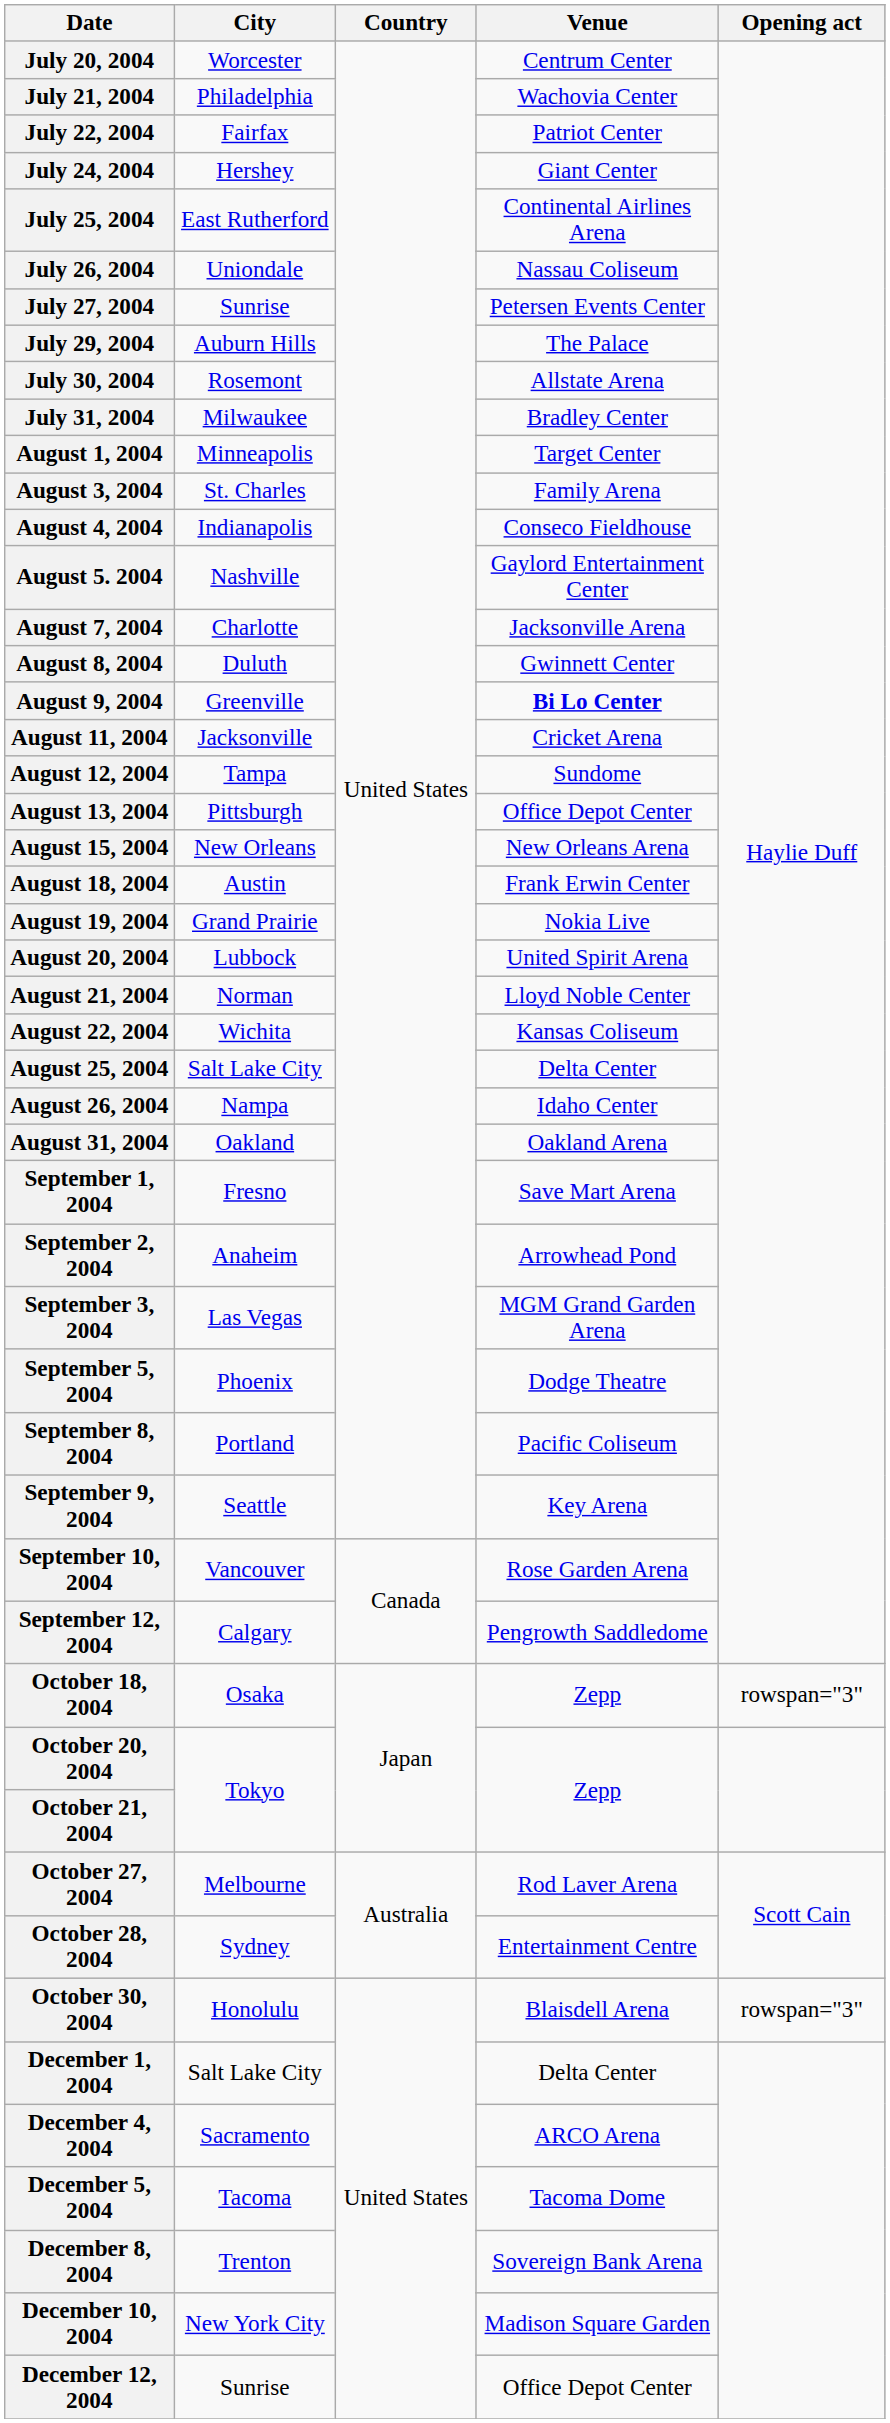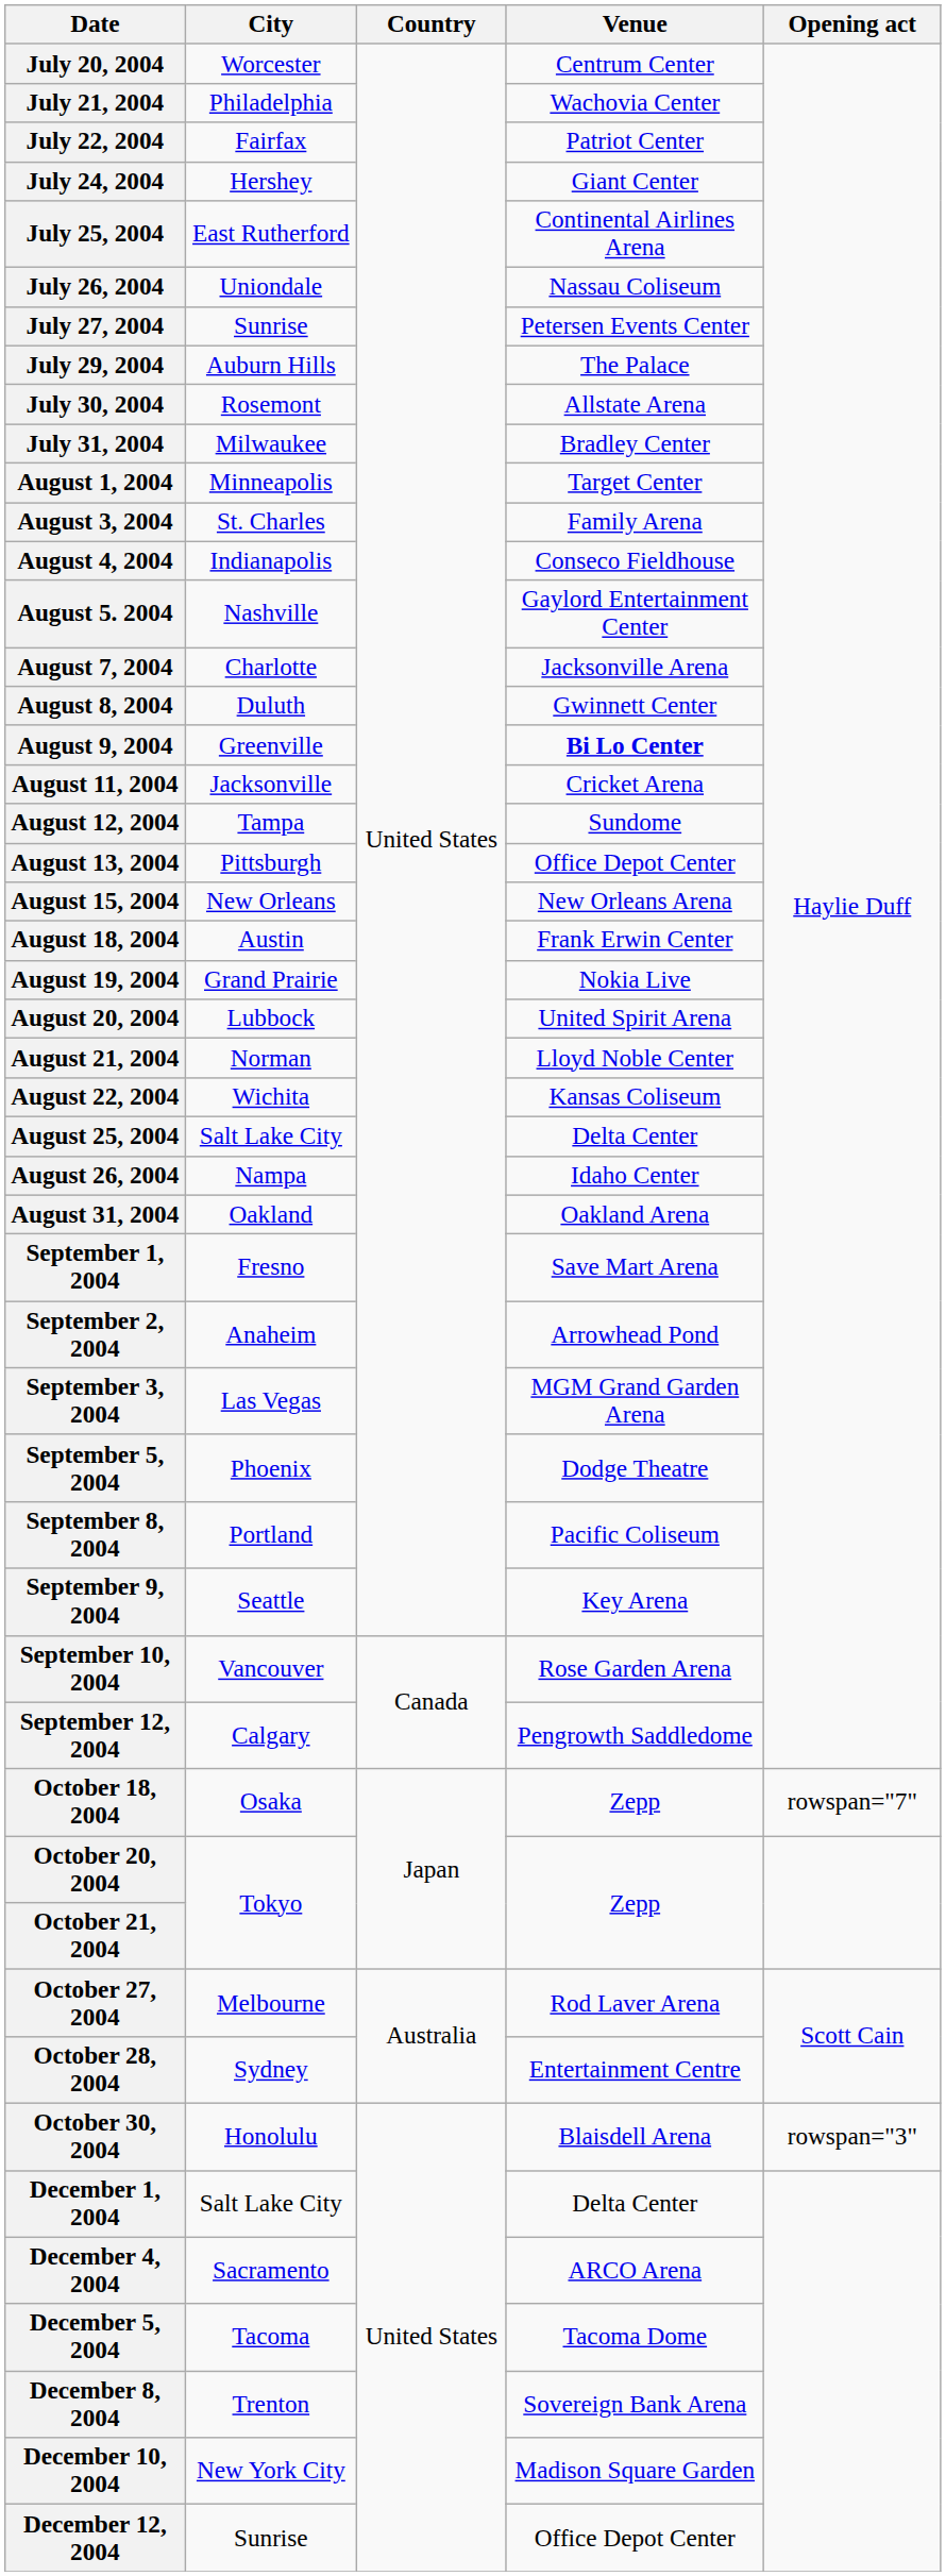 <table class="wikitable plainrowheaders" style="text-align:center;">
 <tr>
 <th scope="col" style="width:12em;">Date</th>
 <th scope="col" style="width:10em;">City</th>
 <th scope="col" style="width:10em;">Country</th>
 <th scope="col" style="width:20em;">Venue</th>
 <th scope="col" style="width:10em;">Opening act</th>
 </tr>
 <tr>
 <th scope="row">July 20, 2004</th>
 <td><a href='#'>Worcester</a></td>
 <td rowspan="35">United States</td>
 <td><a href='#'>Centrum Center</a></td>
 <td rowspan="37"><a href='#'>Haylie Duff</a></td>
 </tr>
 <tr>
 <th scope="row">July 21, 2004</th>
 <td><a href='#'>Philadelphia</a></td>
 <td><a href='#'>Wachovia Center</a></td>
 </tr>
 <tr>
 <th scope="row">July 22, 2004</th>
 <td><a href='#'>Fairfax</a></td>
 <td><a href='#'>Patriot Center</a></td>
 </tr>
 <tr>
 <th scope="row">July 24, 2004</th>
 <td><a href='#'>Hershey</a></td>
 <td><a href='#'>Giant Center</a></td>
 </tr>
 <tr>
 <th scope="row">July 25, 2004</th>
 <td><a href='#'>East Rutherford</a></td>
 <td><a href='#'>Continental Airlines Arena</a></td>
 </tr>
 <tr>
 <th scope="row">July 26, 2004</th>
 <td><a href='#'>Uniondale</a></td>
 <td><a href='#'>Nassau Coliseum</a></td>
 </tr>
 <tr>
 <th scope="row">July 27, 2004</th>
 <td><a href='#'>Sunrise</a></td>
 <td><a href='#'>Petersen Events Center</a></td>
 </tr>
 <tr>
 <th scope="row">July 29, 2004</th>
 <td><a href='#'>Auburn Hills</a></td>
 <td><a href='#'>The Palace</a></td>
 </tr>
 <tr>
 <th scope="row">July 30, 2004</th>
 <td><a href='#'>Rosemont</a></td>
 <td><a href='#'>Allstate Arena</a></td>
 </tr>
 <tr>
 <th scope="row">July 31, 2004</th>
 <td><a href='#'>Milwaukee</a></td>
 <td><a href='#'>Bradley Center</a></td>
 </tr>
 <tr>
 <th scope="row">August 1, 2004</th>
 <td><a href='#'>Minneapolis</a></td>
 <td><a href='#'>Target Center</a></td>
 </tr>
 <tr>
 <th scope="row">August 3, 2004</th>
 <td><a href='#'>St. Charles</a></td>
 <td><a href='#'>Family Arena</a></td>
 </tr>
 <tr>
 <th scope="row">August 4, 2004</th>
 <td><a href='#'>Indianapolis</a></td>
 <td><a href='#'>Conseco Fieldhouse</a></td>
 </tr>
 <tr>
 <th scope="row">August 5. 2004</th>
 <td><a href='#'>Nashville</a></td>
 <td><a href='#'>Gaylord Entertainment Center</a></td>
 </tr>
 <tr>
 <th scope="row">August 7, 2004</th>
 <td><a href='#'>Charlotte</a></td>
 <td><a href='#'>Jacksonville Arena</a></td>
 </tr>
 <tr>
 <th scope="row">August 8, 2004</th>
 <td><a href='#'>Duluth</a></td>
 <td><a href='#'>Gwinnett Center</a></td>
 </tr>
 <tr>
 <th scope="row">August 9, 2004</th>
 <td><a href='#'>Greenville</a></td>
 <td><strong><a href='#'>Bi Lo Center</a></strong></td>
 </tr>
 <tr>
 <th scope="row">August 11, 2004</th>
 <td><a href='#'>Jacksonville</a></td>
 <td><a href='#'>Cricket Arena</a></td>
 </tr>
 <tr>
 <th scope="row">August 12, 2004</th>
 <td><a href='#'>Tampa</a></td>
 <td><a href='#'>Sundome</a></td>
 </tr>
 <tr>
 <th scope="row">August 13, 2004</th>
 <td><a href='#'>Pittsburgh</a></td>
 <td><a href='#'>Office Depot Center</a></td>
 </tr>
 <tr>
 <th scope="row">August 15, 2004</th>
 <td><a href='#'>New Orleans</a></td>
 <td><a href='#'>New Orleans Arena</a></td>
 </tr>
 <tr>
 <th scope="row">August 18, 2004</th>
 <td><a href='#'>Austin</a></td>
 <td><a href='#'>Frank Erwin Center</a></td>
 </tr>
 <tr>
 <th scope="row">August 19, 2004</th>
 <td><a href='#'>Grand Prairie</a></td>
 <td><a href='#'>Nokia Live</a></td>
 </tr>
 <tr>
 <th scope="row">August 20, 2004</th>
 <td><a href='#'>Lubbock</a></td>
 <td><a href='#'>United Spirit Arena</a></td>
 </tr>
 <tr>
 <th scope="row">August 21, 2004</th>
 <td><a href='#'>Norman</a></td>
 <td><a href='#'>Lloyd Noble Center</a></td>
 </tr>
 <tr>
 <th scope="row">August 22, 2004</th>
 <td><a href='#'>Wichita</a></td>
 <td><a href='#'>Kansas Coliseum</a></td>
 </tr>
 <tr>
 <th scope="row">August 25, 2004</th>
 <td><a href='#'>Salt Lake City</a></td>
 <td><a href='#'>Delta Center</a></td>
 </tr>
 <tr>
 <th scope="row">August 26, 2004</th>
 <td><a href='#'>Nampa</a></td>
 <td><a href='#'>Idaho Center</a></td>
 </tr>
 <tr>
 <th scope="row">August 31, 2004</th>
 <td><a href='#'>Oakland</a></td>
 <td><a href='#'>Oakland Arena</a></td>
 </tr>
 <tr>
 <th scope="row">September 1, 2004</th>
 <td><a href='#'>Fresno</a></td>
 <td><a href='#'>Save Mart Arena</a></td>
 </tr>
 <tr>
 <th scope="row">September 2, 2004</th>
 <td><a href='#'>Anaheim</a></td>
 <td><a href='#'>Arrowhead Pond</a></td>
 </tr>
 <tr>
 <th scope="row">September 3, 2004</th>
 <td><a href='#'>Las Vegas</a></td>
 <td><a href='#'>MGM Grand Garden Arena</a></td>
 </tr>
 <tr>
 <th scope="row">September 5, 2004</th>
 <td><a href='#'>Phoenix</a></td>
 <td><a href='#'>Dodge Theatre</a></td>
 </tr>
 <tr>
 <th scope="row">September 8, 2004</th>
 <td><a href='#'>Portland</a></td>
 <td><a href='#'>Pacific Coliseum</a></td>
 </tr>
 <tr>
 <th scope="row">September 9, 2004</th>
 <td><a href='#'>Seattle</a></td>
 <td><a href='#'>Key Arena</a></td>
 </tr>
 <tr>
 <th scope="row">September 10, 2004</th>
 <td><a href='#'>Vancouver</a></td>
 <td rowspan="2">Canada</td>
 <td><a href='#'>Rose Garden Arena</a></td>
 </tr>
 <tr>
 <th scope="row">September 12, 2004</th>
 <td><a href='#'>Calgary</a></td>
 <td><a href='#'>Pengrowth Saddledome</a></td>
 </tr>
 <tr>
 <th scope="row">October 18, 2004</th>
 <td><a href='#'>Osaka</a></td>
 <td rowspan="3">Japan</td>
 <td><a href='#'>Zepp</a></td>
-<td>rowspan="3" </td>
+<td>rowspan="7" </td>
 </tr>
 <tr>
 <th scope="row">October 20, 2004</th>
 <td rowspan="2"><a href='#'>Tokyo</a></td>
 <td rowspan="2"><a href='#'>Zepp</a></td>
 </tr>
 <tr>
 <th scope="row">October 21, 2004</th>
 </tr>
 <tr>
 <th scope="row">October 27, 2004</th>
 <td><a href='#'>Melbourne</a></td>
 <td rowspan="2">Australia</td>
 <td><a href='#'>Rod Laver Arena</a></td>
 <td rowspan="2"><a href='#'>Scott Cain</a></td>
 </tr>
 <tr>
 <th scope="row">October 28, 2004</th>
 <td><a href='#'>Sydney</a></td>
 <td><a href='#'>Entertainment Centre</a></td>
 </tr>
 <tr>
 <th scope="row">October 30, 2004</th>
 <td><a href='#'>Honolulu</a></td>
 <td rowspan="7">United States</td>
 <td><a href='#'>Blaisdell Arena</a></td>
 <td>rowspan="3" </td>
 </tr>
 <tr>
 <th scope="row">December 1, 2004</th>
 <td>Salt Lake City</td>
 <td>Delta Center</td>
 </tr>
 <tr>
 <th scope="row">December 4, 2004</th>
 <td><a href='#'>Sacramento</a></td>
 <td><a href='#'>ARCO Arena</a></td>
 </tr>
 <tr>
 <th scope="row">December 5, 2004</th>
 <td><a href='#'>Tacoma</a></td>
 <td><a href='#'>Tacoma Dome</a></td>
 </tr>
 <tr>
 <th scope="row">December 8, 2004</th>
 <td><a href='#'>Trenton</a></td>
 <td><a href='#'>Sovereign Bank Arena</a></td>
 </tr>
 <tr>
 <th scope="row">December 10, 2004</th>
 <td><a href='#'>New York City</a></td>
 <td><a href='#'>Madison Square Garden</a></td>
 </tr>
 <tr>
 <th scope="row">December 12, 2004</th>
 <td>Sunrise</td>
 <td>Office Depot Center</td>
 </tr>
 </table>
